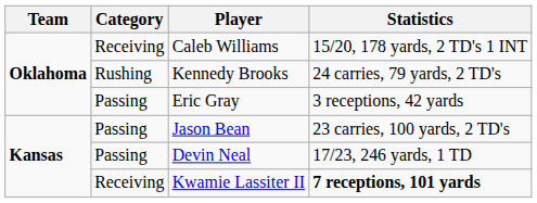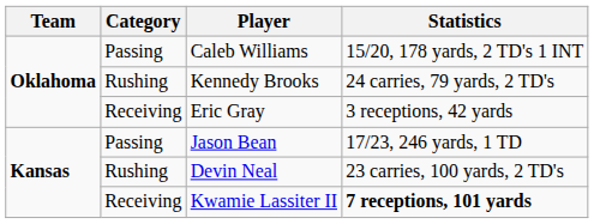 <table class="wikitable" style="float: right;">
 <tr>
 <th>Team</th>
 <th>Category</th>
 <th>Player</th>
 <th>Statistics</th>
 </tr>
 <tr>
 <td rowspan=3><strong>Oklahoma</strong></td>
-<td>Receiving</td>
+<td>Passing</td>
 <td>Caleb Williams</td>
 <td>15/20, 178 yards, 2 TD's 1 INT</td>
 </tr>
 <tr>
 <td>Rushing</td>
 <td>Kennedy Brooks</td>
 <td>24 carries, 79 yards, 2 TD's</td>
 </tr>
 <tr>
-<td>Passing</td>
+<td>Receiving</td>
 <td>Eric Gray</td>
 <td>3 receptions, 42 yards</td>
 </tr>
 <tr>
 <td rowspan=3><strong>Kansas</strong></td>
 <td>Passing</td>
 <td><a href='#'>Jason Bean</a></td>
-<td>23 carries, 100 yards, 2 TD's</td>
+<td>17/23, 246 yards, 1 TD</td>
 </tr>
 <tr>
-<td>Passing</td>
+<td>Rushing</td>
 <td><a href='#'>Devin Neal</a></td>
-<td>17/23, 246 yards, 1 TD</td>
+<td>23 carries, 100 yards, 2 TD's</td>
 </tr>
 <tr>
 <td>Receiving</td>
 <td><a href='#'>Kwamie Lassiter II</a></td>
 <td><strong>7 receptions, 101 yards</strong></td>
 </tr>
 </table>
